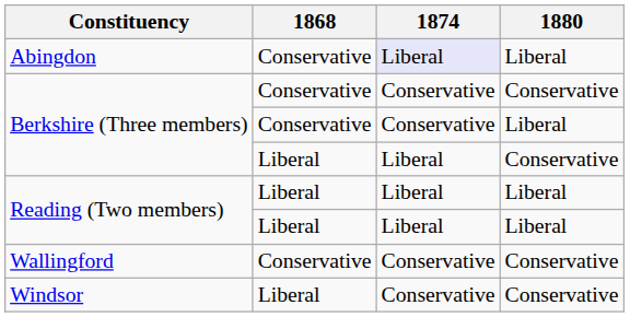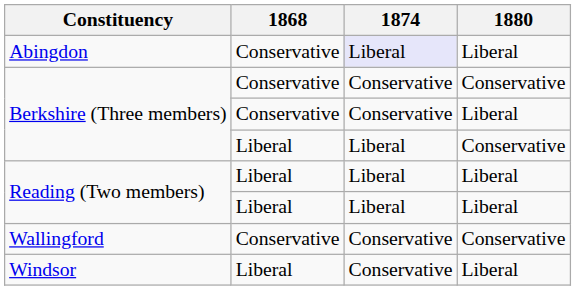 <table class="wikitable">
 <tr>
 <th>Constituency</th>
 <th>1868</th>
 <th>1874</th>
 <th>1880</th>
 </tr>
 <tr>
 <td><a href='#'>Abingdon</a></td>
 <td>Conservative</td>
 <td style="background: lavender;">Liberal</td>
 <td>Liberal</td>
 </tr>
 <tr>
 <td rowspan="3"><a href='#'>Berkshire</a> (Three members)</td>
 <td>Conservative</td>
 <td>Conservative</td>
 <td>Conservative</td>
 </tr>
 <tr>
 <td>Conservative</td>
 <td>Conservative</td>
 <td>Liberal</td>
 </tr>
 <tr>
 <td>Liberal</td>
 <td>Liberal</td>
 <td>Conservative</td>
 </tr>
 <tr>
 <td rowspan="2"><a href='#'>Reading</a> (Two members)</td>
 <td>Liberal</td>
 <td>Liberal</td>
 <td>Liberal</td>
 </tr>
 <tr>
 <td>Liberal</td>
 <td>Liberal</td>
 <td>Liberal</td>
 </tr>
 <tr>
 <td><a href='#'>Wallingford</a></td>
 <td>Conservative</td>
 <td>Conservative</td>
 <td>Conservative</td>
 </tr>
 <tr>
 <td><a href='#'>Windsor</a></td>
 <td>Liberal</td>
 <td>Conservative</td>
-<td>Conservative</td>
+<td>Liberal</td>
 </tr>
 </table>
